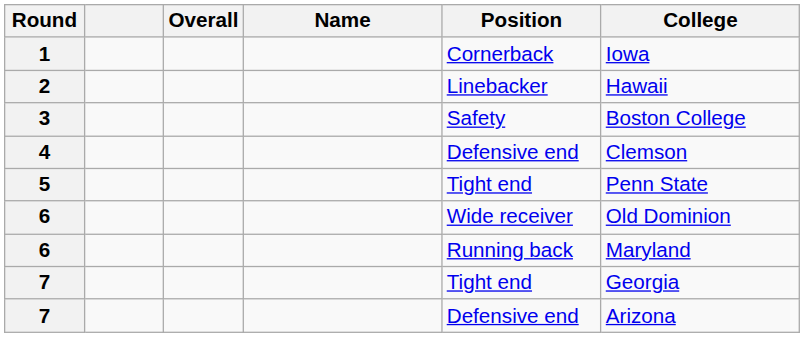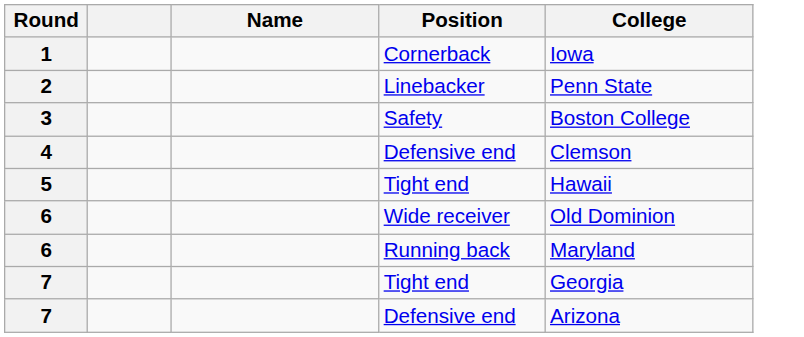 <table class="wikitable sortable">
 <tr>
 <th scope="col" style="width: 10%;">Round</th>
 <th scope="col" style="width: 10%;"></th>
-<th scope="col" style="width: 10%;">Overall</th>
 <th scope="col" style="width: 25%;">Name</th>
 <th scope="col" style="width: 20%;">Position</th>
 <th scope="col" style="width: 25%;">College</th>
 </tr>
 <tr>
 <th scope="row">1</th>
-<td></td>
 <td></td>
 <td></td>
 <td><a href='#'>Cornerback</a></td>
 <td><a href='#'>Iowa</a></td>
 </tr>
 <tr>
 <th scope="row">2</th>
 <td></td>
 <td></td>
-<td></td>
 <td><a href='#'>Linebacker</a></td>
-<td><a href='#'>Hawaii</a></td>
+<td><a href='#'>Penn State</a></td>
 </tr>
 <tr>
 <th scope="row">3</th>
-<td></td>
 <td></td>
 <td></td>
 <td><a href='#'>Safety</a></td>
 <td><a href='#'>Boston College</a></td>
 </tr>
 <tr>
 <th scope="row">4</th>
 <td></td>
 <td></td>
-<td></td>
 <td><a href='#'>Defensive end</a></td>
 <td><a href='#'>Clemson</a></td>
 </tr>
 <tr>
 <th scope="row">5</th>
 <td></td>
 <td></td>
-<td></td>
 <td><a href='#'>Tight end</a></td>
-<td><a href='#'>Penn State</a></td>
+<td><a href='#'>Hawaii</a></td>
 </tr>
 <tr>
 <th scope="row">6</th>
-<td></td>
 <td></td>
 <td></td>
 <td><a href='#'>Wide receiver</a></td>
 <td><a href='#'>Old Dominion</a></td>
 </tr>
 <tr>
 <th scope="row">6</th>
 <td></td>
 <td></td>
-<td></td>
 <td><a href='#'>Running back</a></td>
 <td><a href='#'>Maryland</a></td>
 </tr>
 <tr>
 <th scope="row">7</th>
-<td></td>
 <td></td>
 <td></td>
 <td><a href='#'>Tight end</a></td>
 <td><a href='#'>Georgia</a></td>
 </tr>
 <tr>
 <th scope="row">7</th>
 <td></td>
 <td></td>
-<td></td>
 <td><a href='#'>Defensive end</a></td>
 <td><a href='#'>Arizona</a></td>
 </tr>
 </table>
